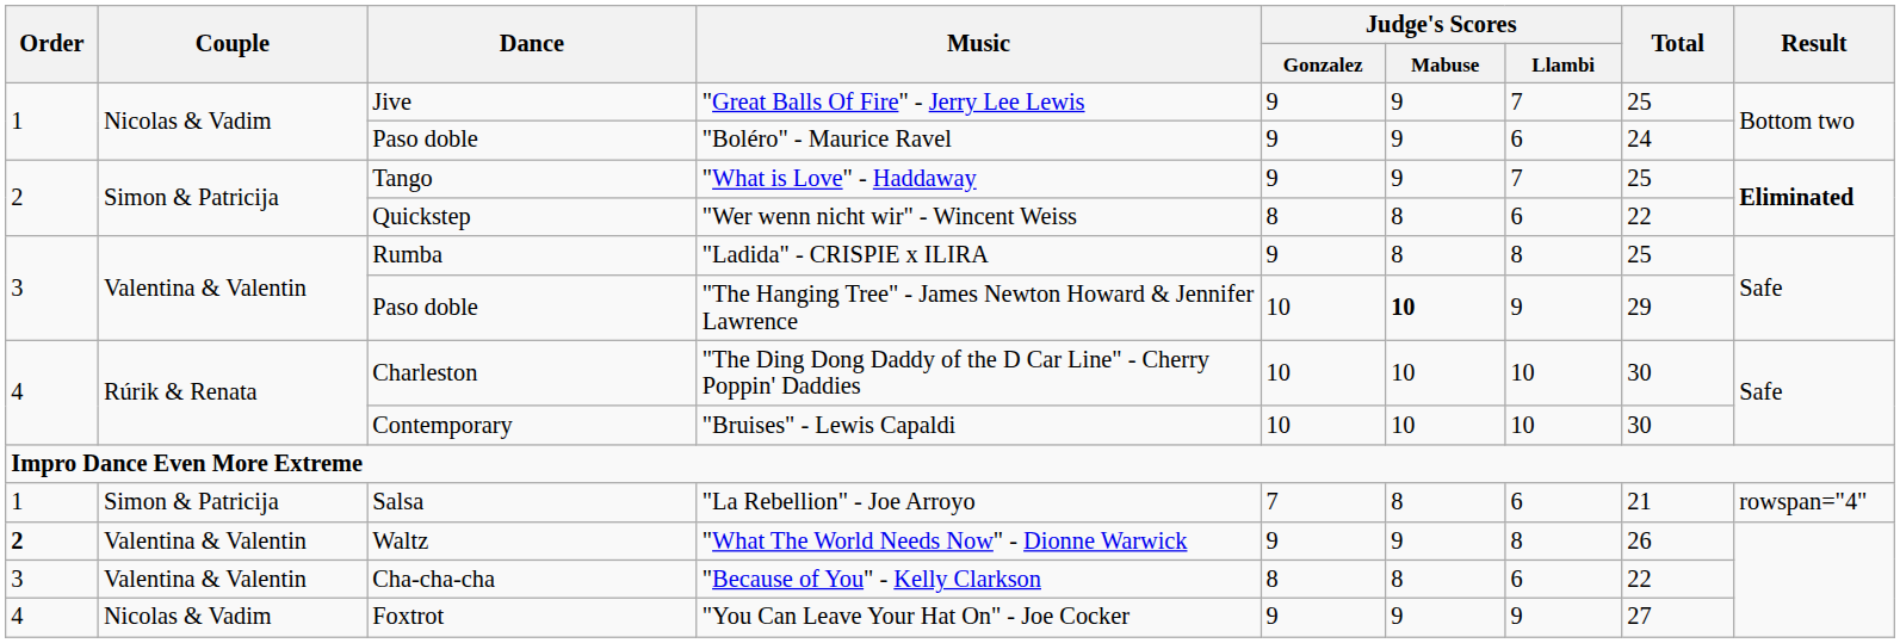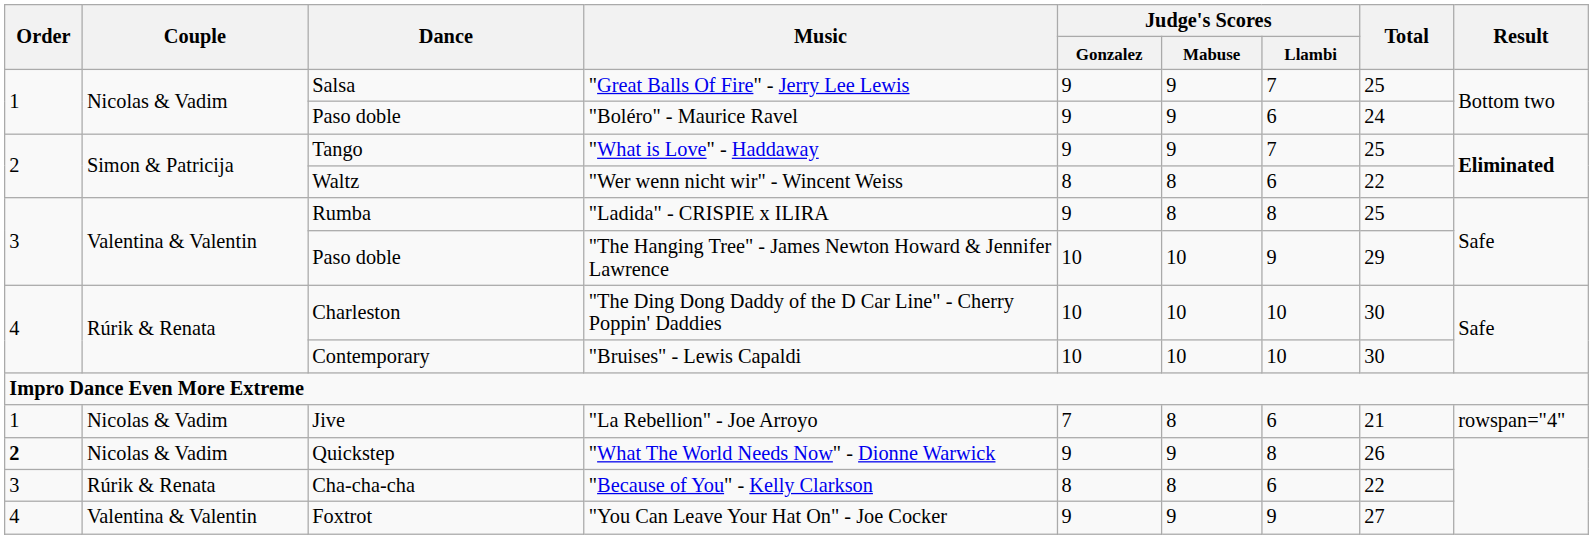 <table class="wikitable sortable center">
 <tr>
 <th rowspan="2" style="width: 4em">Order</th>
 <th rowspan="2" style="width: 17em">Couple</th>
 <th rowspan="2" style="width: 20em">Dance</th>
 <th rowspan="2" style="width: 40em">Music</th>
 <th colspan="3">Judge's Scores</th>
 <th rowspan="2" style="width: 6em">Total</th>
 <th rowspan="2" style="width: 7em">Result</th>
 </tr>
 <tr>
 <th style="width: 6em"><small>Gonzalez</small></th>
 <th style="width: 6em"><small>Mabuse</small></th>
 <th style="width: 6em"><small>Llambi</small></th>
 </tr>
 <tr>
 <td rowspan="2">1</td>
 <td rowspan="2">Nicolas & Vadim</td>
-<td>Jive</td>
+<td>Salsa</td>
 <td>"<a href='#'>Great Balls Of Fire</a>" -  <a href='#'>Jerry Lee Lewis</a></td>
 <td>9</td>
 <td>9</td>
 <td>7</td>
 <td>25</td>
 <td rowspan="2">Bottom two</td>
 </tr>
 <tr>
 <td>Paso doble</td>
 <td>"Boléro" - Maurice Ravel</td>
 <td>9</td>
 <td>9</td>
 <td>6</td>
 <td>24</td>
 </tr>
 <tr>
 <td rowspan="2">2</td>
 <td rowspan="2">Simon & Patricija</td>
 <td>Tango</td>
 <td>"<a href='#'>What is Love</a>" - <a href='#'>Haddaway</a></td>
 <td>9</td>
 <td>9</td>
 <td>7</td>
 <td>25</td>
 <td rowspan="2"><strong>Eliminated</strong></td>
 </tr>
 <tr>
-<td>Quickstep</td>
+<td>Waltz</td>
 <td>"Wer wenn nicht wir" - Wincent Weiss</td>
 <td>8</td>
 <td>8</td>
 <td>6</td>
 <td>22</td>
 </tr>
 <tr>
 <td rowspan="2">3</td>
 <td rowspan="2">Valentina & Valentin</td>
 <td>Rumba</td>
 <td>"Ladida" - CRISPIE x ILIRA</td>
 <td>9</td>
 <td>8</td>
 <td>8</td>
 <td>25</td>
 <td rowspan="2">Safe</td>
 </tr>
 <tr>
 <td>Paso doble</td>
 <td>"The Hanging Tree" - James Newton Howard & Jennifer Lawrence</td>
 <td>10</td>
-<td><strong>10</strong></td>
+<td>10</td>
 <td>9</td>
 <td>29</td>
 </tr>
 <tr>
 <td rowspan="2">4</td>
 <td rowspan="2">Rúrik & Renata</td>
 <td>Charleston</td>
 <td>"The Ding Dong Daddy of the D Car Line" - Cherry Poppin' Daddies</td>
 <td>10</td>
 <td>10</td>
 <td>10</td>
 <td>30</td>
 <td rowspan="2">Safe</td>
 </tr>
 <tr>
 <td>Contemporary</td>
 <td>"Bruises" - Lewis Capaldi</td>
 <td>10</td>
 <td>10</td>
 <td>10</td>
 <td>30</td>
 </tr>
 <tr>
 <td colspan="9"><strong>Impro Dance Even More Extreme</strong></td>
 </tr>
 <tr>
 <td>1</td>
-<td>Simon & Patricija</td>
-<td>Salsa</td>
+<td>Nicolas & Vadim</td>
+<td>Jive</td>
 <td>"La Rebellion" - Joe Arroyo</td>
 <td>7</td>
 <td>8</td>
 <td>6</td>
 <td>21</td>
 <td>rowspan="4" </td>
 </tr>
 <tr>
 <td><strong>2</strong></td>
-<td>Valentina & Valentin</td>
-<td>Waltz</td>
+<td>Nicolas & Vadim</td>
+<td>Quickstep</td>
 <td>"<a href='#'>What The World Needs Now</a>" - <a href='#'>Dionne Warwick</a></td>
 <td>9</td>
 <td>9</td>
 <td>8</td>
 <td>26</td>
 </tr>
 <tr>
 <td>3</td>
-<td>Valentina & Valentin</td>
+<td>Rúrik & Renata</td>
 <td>Cha-cha-cha</td>
 <td>"<a href='#'>Because of You</a>" - <a href='#'>Kelly Clarkson</a></td>
 <td>8</td>
 <td>8</td>
 <td>6</td>
 <td>22</td>
 </tr>
 <tr>
 <td>4</td>
-<td>Nicolas & Vadim</td>
+<td>Valentina & Valentin</td>
 <td>Foxtrot</td>
 <td>"You Can Leave Your Hat On" - Joe Cocker</td>
 <td>9</td>
 <td>9</td>
 <td>9</td>
 <td>27</td>
 </tr>
 </table>
